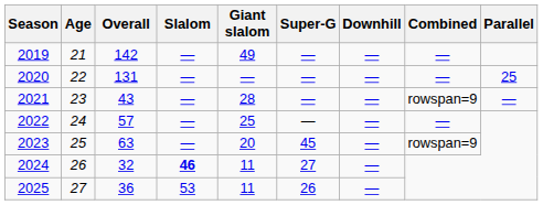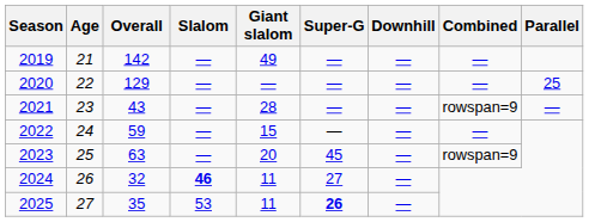 <table class="wikitable" style="text-align:center; font-size:100%;">
 <tr>
 <th>Season</th>
 <th>Age</th>
 <th> Overall </th>
 <th> Slalom </th>
 <th>Giant<br> slalom </th>
 <th>Super-G</th>
 <th>Downhill</th>
 <th>Combined</th>
 <th>Parallel</th>
 </tr>
 <tr>
 <td><a href='#'>2019</a></td>
 <td><em>21</em></td>
 <td><a href='#'>142</a></td>
 <td><a href='#'>—</a></td>
 <td><a href='#'>49</a></td>
 <td><a href='#'>—</a></td>
 <td><a href='#'>—</a></td>
 <td><a href='#'>—</a></td>
 <td></td>
 </tr>
 <tr>
 <td><a href='#'>2020</a></td>
 <td><em>22</em></td>
-<td><a href='#'>131</a></td>
+<td><a href='#'>129</a></td>
 <td><a href='#'>—</a></td>
 <td><a href='#'>—</a></td>
 <td><a href='#'>—</a></td>
 <td><a href='#'>—</a></td>
 <td><a href='#'>—</a></td>
 <td><a href='#'>25</a></td>
 </tr>
 <tr>
 <td><a href='#'>2021</a></td>
 <td><em>23</em></td>
 <td><a href='#'>43</a></td>
 <td><a href='#'>—</a></td>
 <td><a href='#'>28</a></td>
 <td><a href='#'>—</a></td>
 <td><a href='#'>—</a></td>
 <td>rowspan=9 </td>
 <td><a href='#'>—</a></td>
 </tr>
 <tr>
 <td><a href='#'>2022</a></td>
 <td><em>24</em></td>
-<td><a href='#'>57</a></td>
+<td><a href='#'>59</a></td>
 <td><a href='#'>—</a></td>
-<td><a href='#'>25</a></td>
+<td><a href='#'>15</a></td>
 <td>—</td>
 <td><a href='#'>—</a></td>
 <td><a href='#'>—</a></td>
 </tr>
 <tr>
 <td><a href='#'>2023</a></td>
 <td><em>25</em></td>
 <td><a href='#'>63</a></td>
 <td><a href='#'>—</a></td>
 <td><a href='#'>20</a></td>
 <td><a href='#'>45</a></td>
 <td><a href='#'>—</a></td>
 <td>rowspan=9 </td>
 </tr>
 <tr>
 <td><a href='#'>2024</a></td>
 <td><em>26</em></td>
 <td><a href='#'>32</a></td>
 <td><strong><a href='#'>46</a></strong></td>
 <td><a href='#'>11</a></td>
 <td><a href='#'>27</a></td>
 <td><a href='#'>—</a></td>
 </tr>
 <tr>
 <td><a href='#'>2025</a></td>
 <td><em>27</em></td>
-<td><a href='#'>36</a></td>
+<td><a href='#'>35</a></td>
 <td><a href='#'>53</a></td>
 <td><a href='#'>11</a></td>
-<td><a href='#'>26</a></td>
+<td><strong><a href='#'>26</a></strong></td>
 <td><a href='#'>—</a></td>
 </tr>
 </table>
